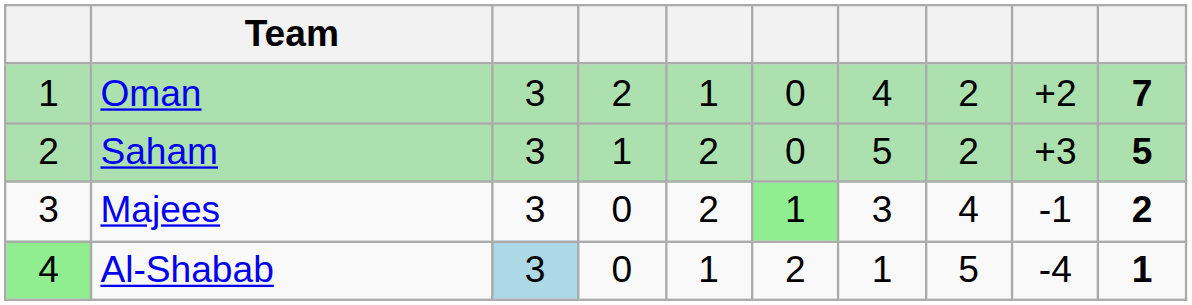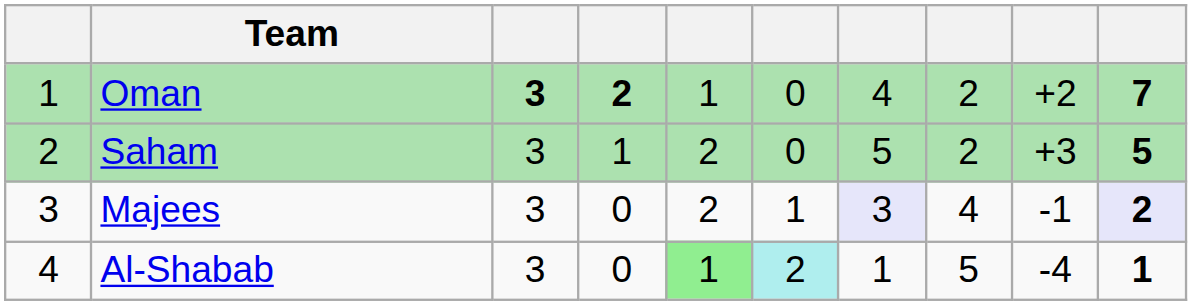 <table class="wikitable" style="text-align: center;">
 <tr>
 <th width=30></th>
 <th width=165>Team</th>
 <th width=30></th>
 <th width=30></th>
 <th width=30></th>
 <th width=30></th>
 <th width=30></th>
 <th width=30></th>
 <th width=30></th>
 <th width=30></th>
 </tr>
 <tr bgcolor=#ACE1AF>
 <td>1</td>
 <td align=left><a href='#'>Oman</a></td>
-<td>3</td>
-<td>2</td>
+<td><strong>3</strong></td>
+<td><strong>2</strong></td>
 <td>1</td>
 <td>0</td>
 <td>4</td>
 <td>2</td>
 <td>+2</td>
 <td><strong>7</strong></td>
 </tr>
 <tr bgcolor=#ACE1AF>
 <td>2</td>
 <td align=left><a href='#'>Saham</a></td>
 <td>3</td>
 <td>1</td>
 <td>2</td>
 <td>0</td>
 <td>5</td>
 <td>2</td>
 <td>+3</td>
 <td><strong>5</strong></td>
 </tr>
 <tr>
 <td>3</td>
 <td align=left><a href='#'>Majees</a></td>
 <td>3</td>
 <td>0</td>
 <td>2</td>
-<td style="background: lightgreen;">1</td>
-<td>3</td>
+<td>1</td>
+<td style="background: lavender;">3</td>
 <td>4</td>
 <td>-1</td>
-<td><strong>2</strong></td>
+<td style="background: lavender;"><strong>2</strong></td>
 </tr>
 <tr>
-<td style="background: lightgreen;">4</td>
+<td>4</td>
 <td align=left><a href='#'>Al-Shabab</a></td>
-<td style="background: lightblue;">3</td>
+<td>3</td>
 <td>0</td>
-<td>1</td>
-<td>2</td>
+<td style="background: lightgreen;">1</td>
+<td style="background: paleturquoise;">2</td>
 <td>1</td>
 <td>5</td>
 <td>-4</td>
 <td><strong>1</strong></td>
 </tr>
 </table>
